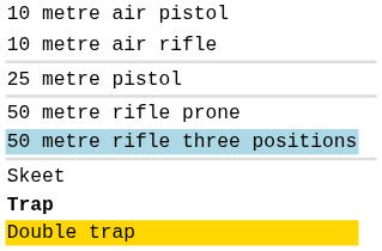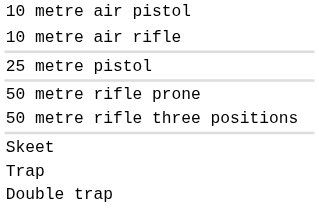 <table>
 <tr>
 <td>10 metre air pistol <br></td>
 <td></td>
 <td></td>
 <td></td>
 </tr>
 <tr>
 </tr>
 <tr>
 <td>10 metre air rifle <br></td>
 <td></td>
 <td></td>
 <td></td>
 </tr>
 <tr bgcolor=#DDDDDD>
 <td colspan=7></td>
 </tr>
 <tr>
 <td>25 metre pistol <br></td>
 <td></td>
 <td></td>
 <td></td>
 </tr>
 <tr bgcolor=#DDDDDD>
 <td colspan=7></td>
 </tr>
 <tr>
 <td>50 metre rifle prone <br></td>
 <td></td>
 <td></td>
 <td></td>
 </tr>
 <tr>
-<td style="background: lightblue;">50 metre rifle three positions <br></td>
+<td>50 metre rifle three positions <br></td>
 <td></td>
 <td></td>
 <td></td>
 </tr>
 <tr bgcolor=#DDDDDD>
 <td colspan=7></td>
 </tr>
 <tr>
 <td>Skeet <br></td>
 <td></td>
 <td></td>
 <td></td>
 </tr>
 <tr>
-<td><strong>Trap <br></strong></td>
+<td>Trap <br></td>
 <td></td>
 <td></td>
 <td></td>
 </tr>
 <tr>
-<td style="background: gold;">Double trap <br></td>
+<td>Double trap <br></td>
 <td></td>
 <td></td>
 <td></td>
 </tr>
 <tr>
 </tr>
 </table>
